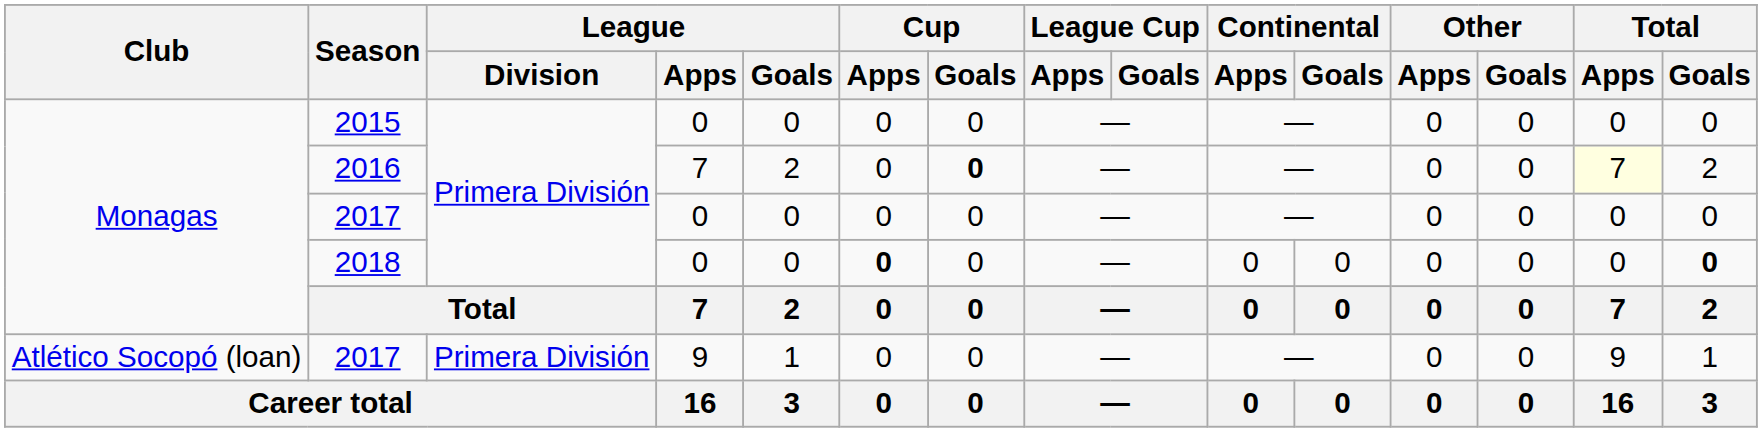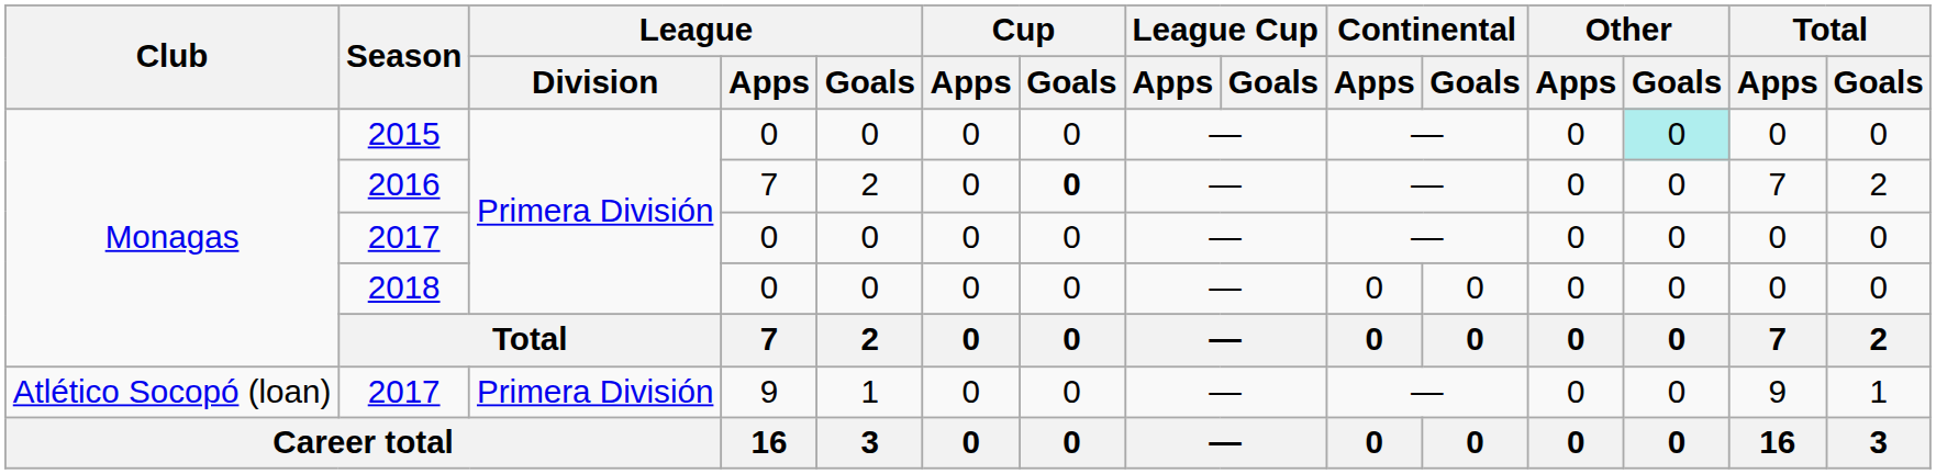 <table class="wikitable" style="text-align:center">
 <tr>
 <th rowspan="2">Club</th>
 <th rowspan="2">Season</th>
 <th colspan="3">League</th>
 <th colspan="2">Cup</th>
 <th colspan="2">League Cup</th>
 <th colspan="2">Continental</th>
 <th colspan="2">Other</th>
 <th colspan="2">Total</th>
 </tr>
 <tr>
 <th>Division</th>
 <th>Apps</th>
 <th>Goals</th>
 <th>Apps</th>
 <th>Goals</th>
 <th>Apps</th>
 <th>Goals</th>
 <th>Apps</th>
 <th>Goals</th>
 <th>Apps</th>
 <th>Goals</th>
 <th>Apps</th>
 <th>Goals</th>
 </tr>
 <tr>
 <td rowspan="5"><a href='#'>Monagas</a></td>
 <td><a href='#'>2015</a></td>
 <td rowspan="4"><a href='#'>Primera División</a></td>
 <td>0</td>
 <td>0</td>
 <td>0</td>
 <td>0</td>
 <td colspan="2">—</td>
 <td colspan="2">—</td>
 <td>0</td>
-<td>0</td>
+<td style="background: paleturquoise;">0</td>
 <td>0</td>
 <td>0</td>
 </tr>
 <tr>
 <td><a href='#'>2016</a></td>
 <td>7</td>
 <td>2</td>
 <td>0</td>
 <td><strong>0</strong></td>
 <td colspan="2">—</td>
 <td colspan="2">—</td>
 <td>0</td>
 <td>0</td>
-<td style="background: lightyellow;">7</td>
+<td>7</td>
 <td>2</td>
 </tr>
 <tr>
 <td><a href='#'>2017</a></td>
 <td>0</td>
 <td>0</td>
 <td>0</td>
 <td>0</td>
 <td colspan="2">—</td>
 <td colspan="2">—</td>
 <td>0</td>
 <td>0</td>
 <td>0</td>
 <td>0</td>
 </tr>
 <tr>
 <td><a href='#'>2018</a></td>
 <td>0</td>
 <td>0</td>
-<td><strong>0</strong></td>
+<td>0</td>
 <td>0</td>
 <td colspan="2">—</td>
 <td>0</td>
 <td>0</td>
 <td>0</td>
 <td>0</td>
 <td>0</td>
-<td><strong>0</strong></td>
+<td>0</td>
 </tr>
 <tr>
 <th colspan="2">Total</th>
 <th>7</th>
 <th>2</th>
 <th>0</th>
 <th>0</th>
 <th colspan="2">—</th>
 <th>0</th>
 <th>0</th>
 <th>0</th>
 <th>0</th>
 <th>7</th>
 <th>2</th>
 </tr>
 <tr>
 <td rowspan="1"><a href='#'>Atlético Socopó</a> (loan)</td>
 <td><a href='#'>2017</a></td>
 <td rowspan="1"><a href='#'>Primera División</a></td>
 <td>9</td>
 <td>1</td>
 <td>0</td>
 <td>0</td>
 <td colspan="2">—</td>
 <td colspan="2">—</td>
 <td>0</td>
 <td>0</td>
 <td>9</td>
 <td>1</td>
 </tr>
 <tr>
 <th colspan="3">Career total</th>
 <th>16</th>
 <th>3</th>
 <th>0</th>
 <th>0</th>
 <th colspan="2">—</th>
 <th>0</th>
 <th>0</th>
 <th>0</th>
 <th>0</th>
 <th>16</th>
 <th>3</th>
 </tr>
 </table>
